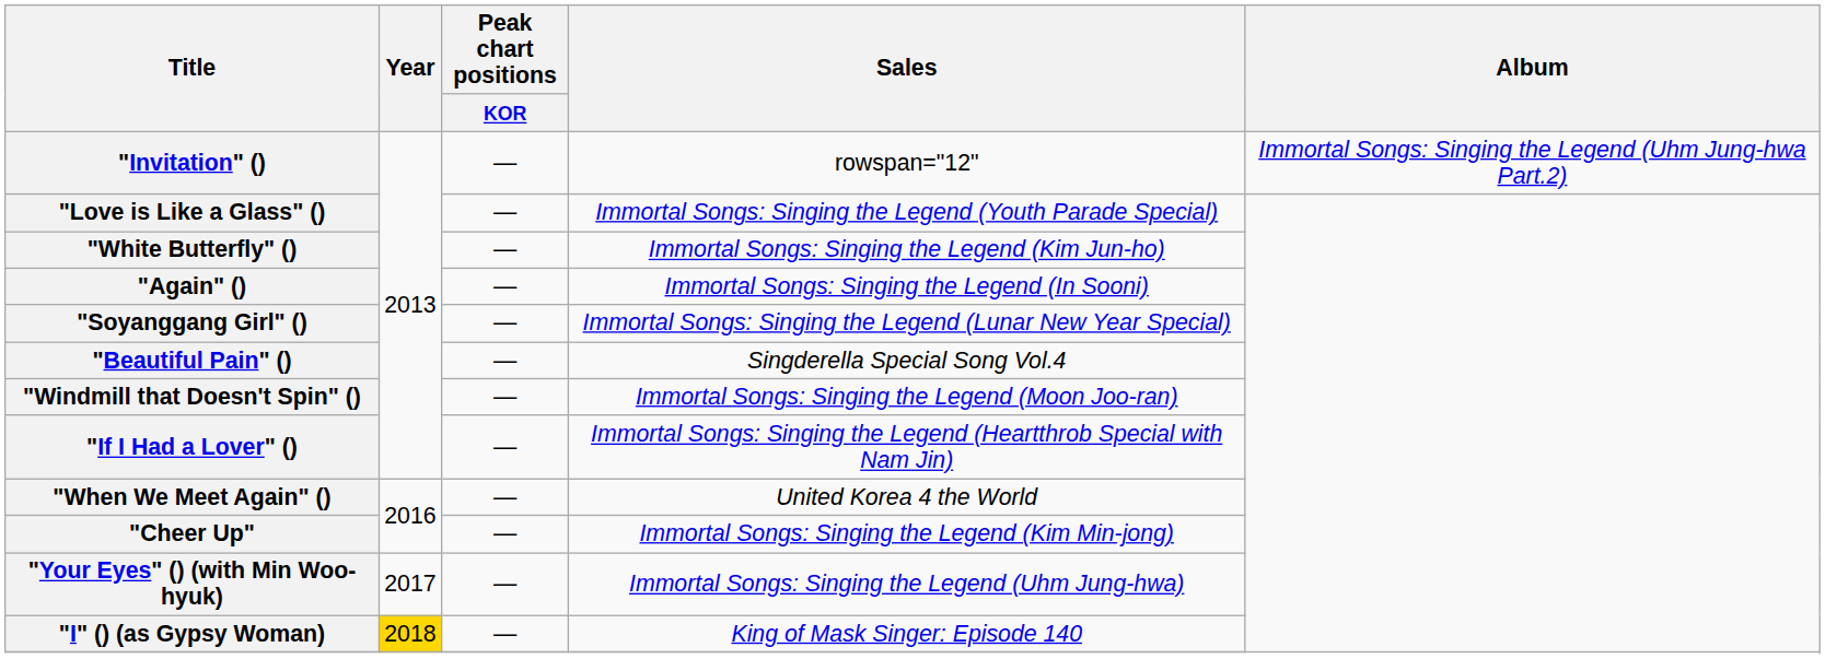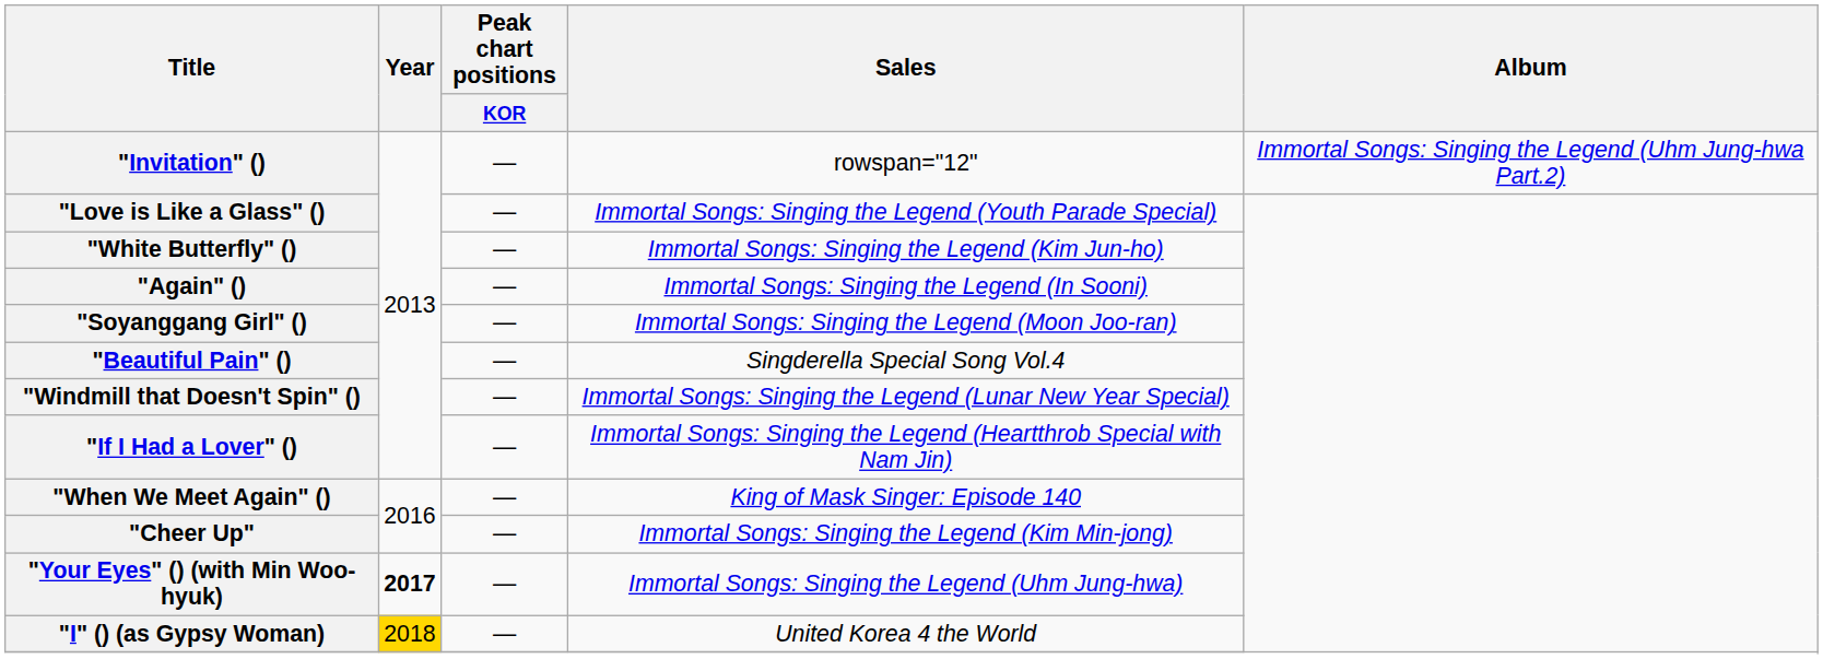 <table class="wikitable plainrowheaders" style="text-align:center;">
 <tr>
 <th scope="col" rowspan="2">Title</th>
 <th scope="col" rowspan="2">Year</th>
 <th scope="col" colspan="1" style="width:5em;">Peak chart positions</th>
 <th scope="col" rowspan="2">Sales</th>
 <th scope="col" rowspan="2">Album</th>
 </tr>
 <tr>
 <th><small><a href='#'>KOR</a></small><br></th>
 </tr>
 <tr>
 <th scope="row">"<a href='#'>Invitation</a>" ()</th>
 <td rowspan="8">2013</td>
 <td>—</td>
 <td>rowspan="12" </td>
 <td><em><a href='#'>Immortal Songs: Singing the Legend (Uhm Jung-hwa Part.2)</a></em></td>
 </tr>
 <tr>
 <th scope="row">"Love is Like a Glass" ()</th>
 <td>—</td>
 <td><em><a href='#'>Immortal Songs: Singing the Legend (Youth Parade Special)</a></em></td>
 </tr>
 <tr>
 <th scope="row">"White Butterfly" ()</th>
 <td>—</td>
 <td><em><a href='#'>Immortal Songs: Singing the Legend (Kim Jun-ho)</a></em></td>
 </tr>
 <tr>
 <th scope="row">"Again" ()</th>
 <td>—</td>
 <td><em><a href='#'>Immortal Songs: Singing the Legend (In Sooni)</a></em></td>
 </tr>
 <tr>
 <th scope="row">"Soyanggang Girl" ()</th>
 <td>—</td>
-<td><em><a href='#'>Immortal Songs: Singing the Legend (Lunar New Year Special)</a></em></td>
+<td><em><a href='#'>Immortal Songs: Singing the Legend (Moon Joo-ran)</a></em></td>
 </tr>
 <tr>
 <th scope="row">"<a href='#'>Beautiful Pain</a>" ()</th>
 <td>—</td>
 <td rowspan="1"><em>Singderella Special Song Vol.4</em></td>
 </tr>
 <tr>
 <th scope="row">"Windmill that Doesn't Spin" ()</th>
 <td>—</td>
-<td><em><a href='#'>Immortal Songs: Singing the Legend (Moon Joo-ran)</a></em></td>
+<td><em><a href='#'>Immortal Songs: Singing the Legend (Lunar New Year Special)</a></em></td>
 </tr>
 <tr>
 <th scope="row">"<a href='#'>If I Had a Lover</a>" ()</th>
 <td>—</td>
 <td><em><a href='#'>Immortal Songs: Singing the Legend (Heartthrob Special with Nam Jin)</a></em></td>
 </tr>
 <tr>
 <th scope="row">"When We Meet Again" ()</th>
 <td rowspan="2">2016</td>
 <td>—</td>
-<td rowspan="1"><em>United Korea 4 the World</em></td>
+<td><em><a href='#'>King of Mask Singer: Episode 140</a></em></td>
 </tr>
 <tr>
 <th scope="row">"Cheer Up"</th>
 <td>—</td>
 <td><em><a href='#'>Immortal Songs: Singing the Legend (Kim Min-jong)</a></em></td>
 </tr>
 <tr>
 <th scope="row">"<a href='#'>Your Eyes</a>" () (with Min Woo-hyuk)</th>
-<td rowspan="1">2017</td>
+<td rowspan="1"><strong>2017</strong></td>
 <td>—</td>
 <td><em><a href='#'>Immortal Songs: Singing the Legend (Uhm Jung-hwa)</a></em></td>
 </tr>
 <tr>
 <th scope="row">"<a href='#'>I</a>" () (as Gypsy Woman)</th>
 <td rowspan="1" style="background: gold;">2018</td>
 <td>—</td>
-<td><em><a href='#'>King of Mask Singer: Episode 140</a></em></td>
+<td rowspan="1"><em>United Korea 4 the World</em></td>
 </tr>
 <tr>
 </tr>
 </table>
